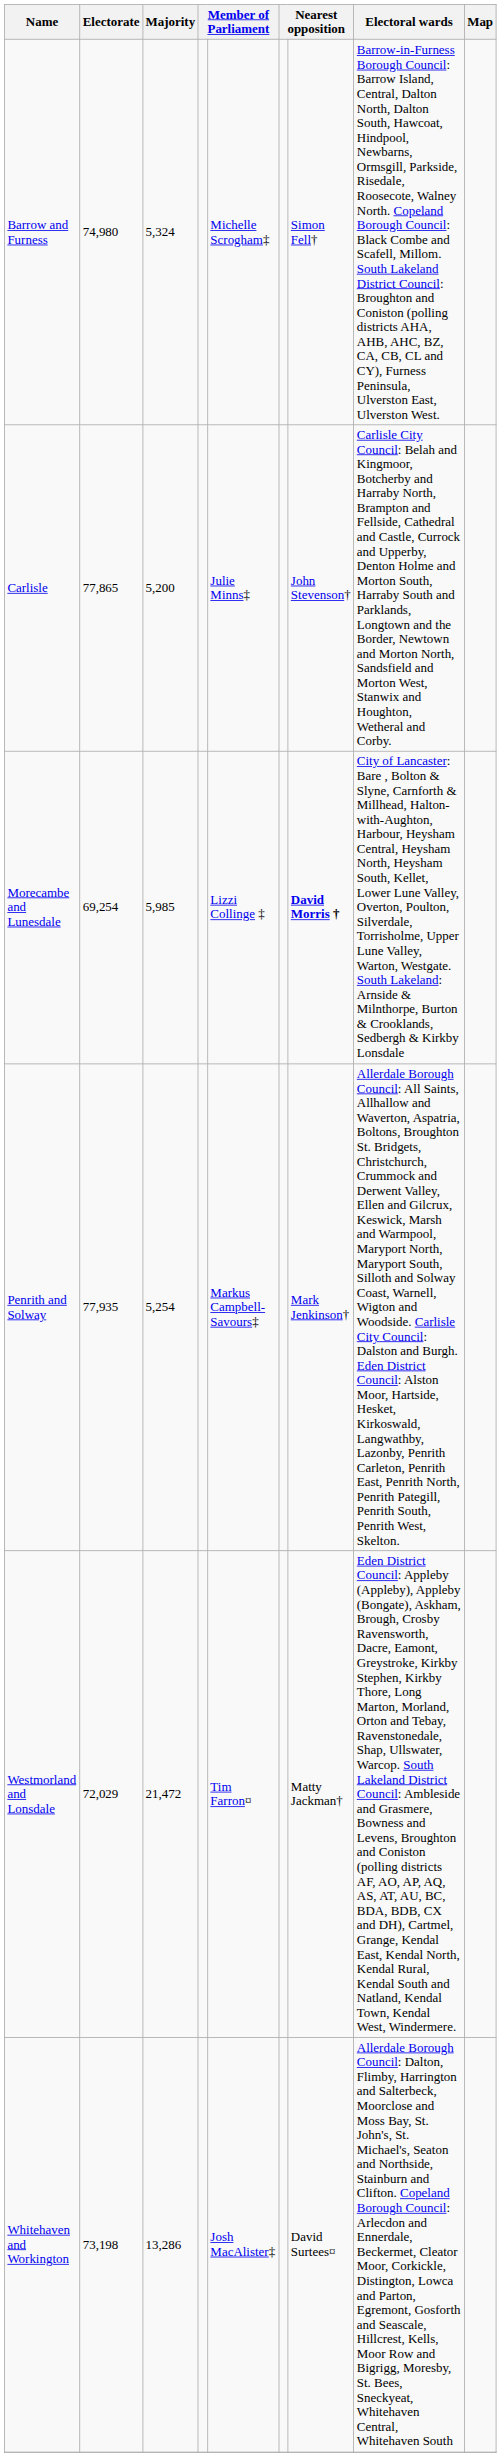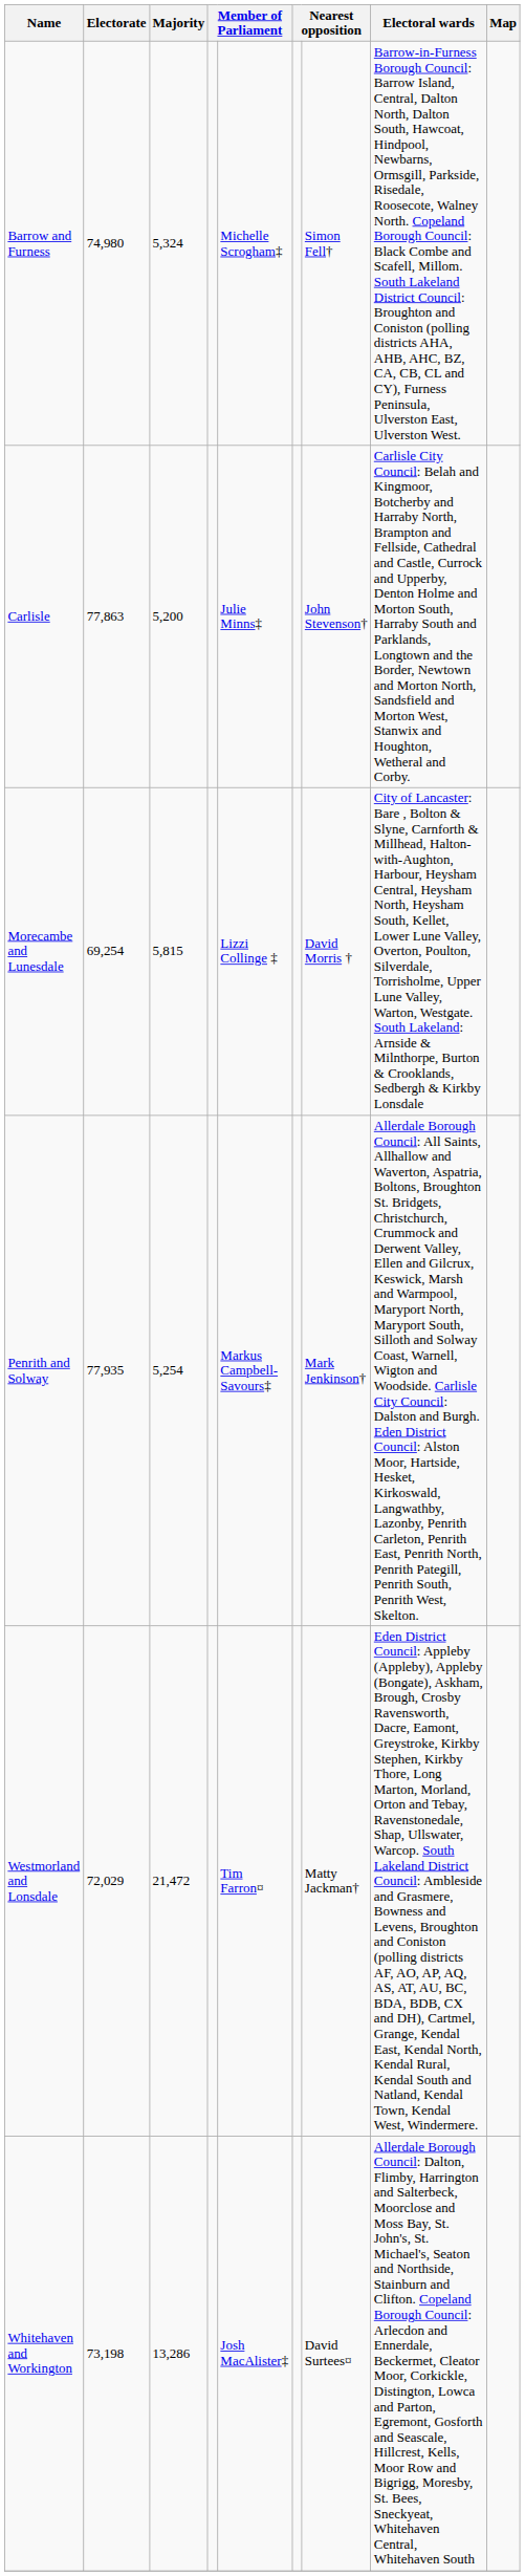 <table class="wikitable sortable">
 <tr>
 <th rowspan=1>Name</th>
 <th rowspan=1>Electorate</th>
 <th rowspan=1>Majority</th>
 <th colspan=2 class=unsortable><a href='#'>Member of Parliament</a></th>
 <th colspan=2 class=unsortable>Nearest opposition</th>
 <th rowspan=1 class=unsortable>Electoral wards</th>
 <th rowspan=1 class=unsortable>Map</th>
 </tr>
 <tr>
 <td><a href='#'>Barrow and Furness</a></td>
 <td>74,980</td>
 <td>5,324</td>
 <td style="color:inherit;background:"> </td>
 <td><a href='#'>Michelle Scrogham</a>‡</td>
 <td style="color:inherit;background:"> </td>
 <td><a href='#'>Simon Fell</a>†</td>
 <td><a href='#'>Barrow-in-Furness Borough Council</a>: Barrow Island, Central, Dalton North, Dalton South, Hawcoat, Hindpool, Newbarns, Ormsgill, Parkside, Risedale, Roosecote, Walney North. <a href='#'>Copeland Borough Council</a>: Black Combe and Scafell, Millom. <a href='#'>South Lakeland District Council</a>: Broughton and Coniston (polling districts AHA, AHB, AHC, BZ, CA, CB, CL and CY), Furness Peninsula, Ulverston East, Ulverston West.</td>
 <td></td>
 </tr>
 <tr>
 <td><a href='#'>Carlisle</a></td>
-<td>77,865</td>
+<td>77,863</td>
 <td>5,200</td>
 <td style="color:inherit;background:"></td>
 <td><a href='#'>Julie Minns</a>‡</td>
 <td style="color:inherit;background:"></td>
 <td><a href='#'>John Stevenson</a>†</td>
 <td><a href='#'>Carlisle City Council</a>: Belah and Kingmoor, Botcherby and Harraby North, Brampton and Fellside, Cathedral and Castle, Currock and Upperby, Denton Holme and Morton South, Harraby South and Parklands, Longtown and the Border, Newtown and Morton North, Sandsfield and Morton West, Stanwix and Houghton, Wetheral and Corby.</td>
 <td></td>
 </tr>
 <tr>
 <td><a href='#'>Morecambe and Lunesdale</a></td>
 <td>69,254</td>
-<td>5,985</td>
+<td>5,815</td>
 <td style="color:inherit;background:"> </td>
 <td><a href='#'>Lizzi Collinge</a> ‡</td>
 <td style="color:inherit;background:"> </td>
-<td><strong><a href='#'>David Morris</a> †</strong></td>
+<td><a href='#'>David Morris</a> †</td>
 <td><a href='#'>City of Lancaster</a>: Bare , Bolton & Slyne, Carnforth & Millhead, Halton-with-Aughton, Harbour, Heysham Central, Heysham North, Heysham South, Kellet, Lower Lune Valley, Overton,  Poulton, Silverdale, Torrisholme, Upper Lune Valley, Warton, Westgate. <a href='#'>South Lakeland</a>: Arnside & Milnthorpe, Burton & Crooklands, Sedbergh & Kirkby Lonsdale</td>
 <td></td>
 </tr>
 <tr>
 <td><a href='#'>Penrith and Solway</a></td>
 <td>77,935</td>
 <td>5,254</td>
 <td style="color:inherit;background:"></td>
 <td><a href='#'>Markus Campbell-Savours</a>‡</td>
 <td style="color:inherit;background:"></td>
 <td><a href='#'>Mark Jenkinson</a>†</td>
 <td><a href='#'>Allerdale Borough Council</a>: All Saints, Allhallow and Waverton, Aspatria, Boltons, Broughton St. Bridgets, Christchurch, Crummock and Derwent Valley, Ellen and Gilcrux, Keswick, Marsh and Warmpool, Maryport North, Maryport South, Silloth and Solway Coast, Warnell, Wigton and Woodside. <a href='#'>Carlisle City Council</a>: Dalston and Burgh. <a href='#'>Eden District Council</a>: Alston Moor, Hartside, Hesket, Kirkoswald, Langwathby, Lazonby, Penrith Carleton, Penrith East, Penrith North, Penrith Pategill, Penrith South, Penrith West, Skelton.</td>
 <td></td>
 </tr>
 <tr>
 <td><a href='#'>Westmorland and Lonsdale</a></td>
 <td>72,029</td>
 <td>21,472</td>
 <td style="color:inherit;background:"></td>
 <td><a href='#'>Tim Farron</a>¤</td>
 <td style="color:inherit;background:"></td>
 <td>Matty Jackman†</td>
 <td><a href='#'>Eden District Council</a>: Appleby (Appleby), Appleby (Bongate), Askham, Brough, Crosby Ravensworth, Dacre, Eamont, Greystroke, Kirkby Stephen, Kirkby Thore, Long Marton, Morland, Orton and Tebay, Ravenstonedale, Shap, Ullswater, Warcop. <a href='#'>South Lakeland District Council</a>: Ambleside and Grasmere, Bowness and Levens, Broughton and Coniston (polling districts AF, AO, AP, AQ, AS, AT, AU, BC, BDA, BDB, CX and DH), Cartmel, Grange, Kendal East, Kendal North, Kendal Rural, Kendal South and Natland, Kendal Town, Kendal West, Windermere.</td>
 <td></td>
 </tr>
 <tr>
 <td><a href='#'>Whitehaven and Workington</a></td>
 <td>73,198</td>
 <td>13,286</td>
 <td style="color:inherit;background:"></td>
 <td><a href='#'>Josh MacAlister</a>‡</td>
 <td style="color:inherit;background:"></td>
 <td>David Surtees¤</td>
 <td><a href='#'>Allerdale Borough Council</a>: Dalton, Flimby, Harrington and Salterbeck, Moorclose and Moss Bay, St. John's, St. Michael's, Seaton and Northside, Stainburn and Clifton. <a href='#'>Copeland Borough Council</a>: Arlecdon and Ennerdale, Beckermet, Cleator Moor, Corkickle, Distington, Lowca and Parton, Egremont, Gosforth and Seascale, Hillcrest, Kells, Moor Row and Bigrigg, Moresby, St. Bees, Sneckyeat, Whitehaven Central, Whitehaven South</td>
 <td></td>
 </tr>
 <tr>
 </tr>
 </table>
